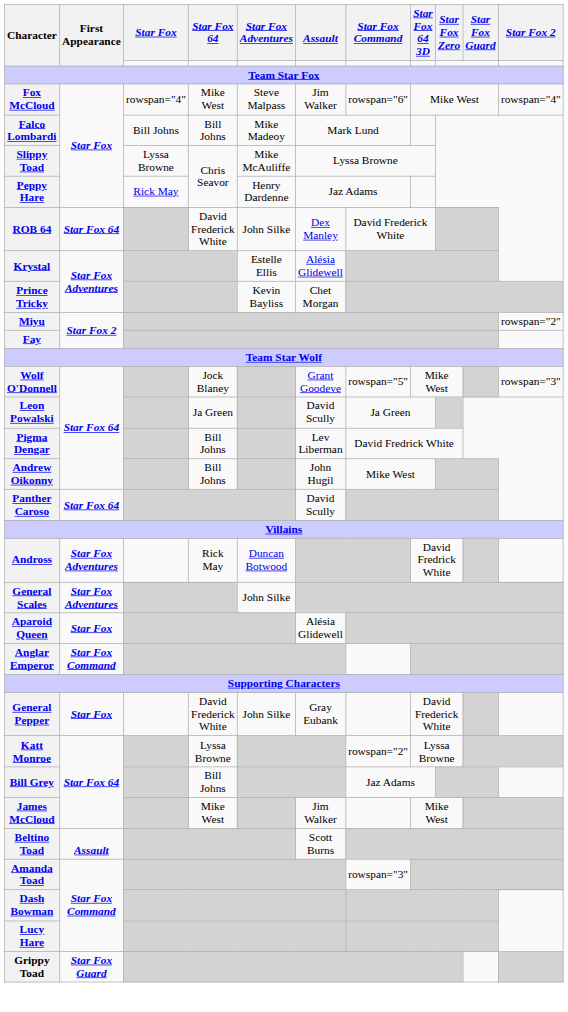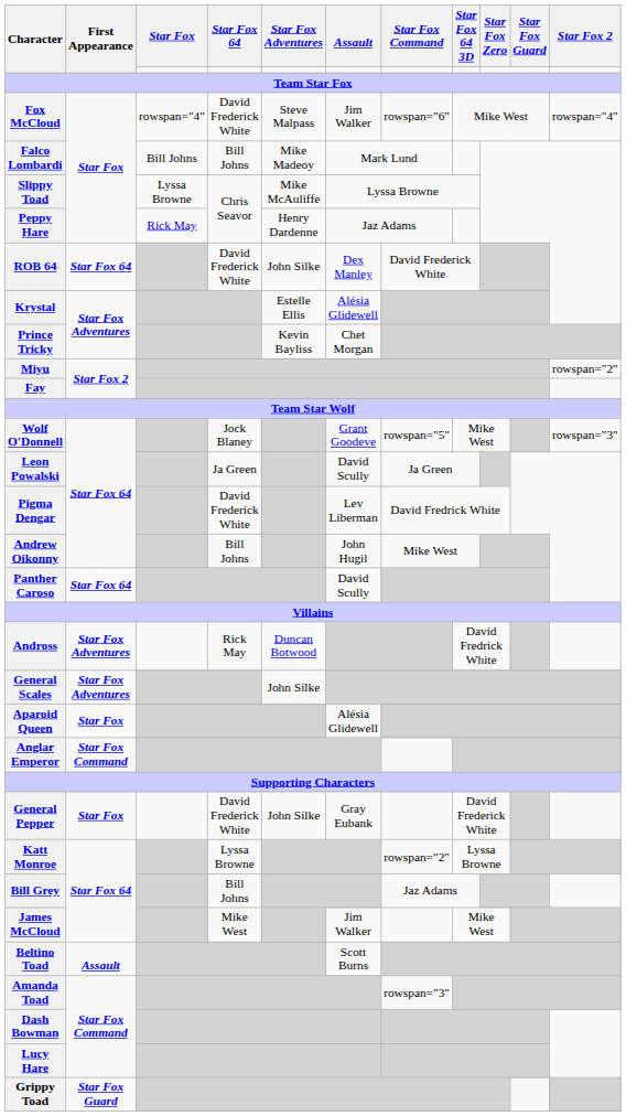 <table class="wikitable" style="text-align:center; width:auto">
 <tr>
 <th scope="col" style="width:11.11%;" rowspan="2">Character</th>
 <th scope="col" style="width:11.11%;" rowspan="2">First<br>Appearance</th>
 <th scope="col" style="width:11%;"><a href='#'><em>Star Fox</em></a></th>
 <th scope="col" style="width:11%;"><em><a href='#'>Star Fox 64</a></em></th>
 <th scope="col" style="width:11%;"><em><a href='#'>Star Fox Adventures</a></em></th>
 <th scope="col" style="width:11%;"><a href='#'><em><br>Assault</em></a></th>
 <th scope="col" style="width:11%;"><em><a href='#'>Star Fox Command</a></em></th>
 <th scope="col" style="width:11%;"><em><a href='#'>Star Fox 64 3D</a></em></th>
 <th scope="col" style="width:11%;"><em><a href='#'>Star Fox Zero</a></em></th>
 <th scope="col" style="width:11%;"><em><a href='#'>Star Fox Guard</a></em></th>
 <th scope="col" style="width:11%;"><em><a href='#'>Star Fox 2</a></em></th>
 </tr>
 <tr>
 <td style="text-align:center;"></td>
 <td style="text-align:center;"></td>
 <td style="text-align:center;"></td>
 <td style="text-align:center;"></td>
 <td style="text-align:center;"></td>
 <td style="text-align:center;"></td>
 <td colspan="2" style="text-align:center;"></td>
 <td style="text-align:center;"></td>
 </tr>
 <tr>
 <th colspan="11" style="background-color:#ccccff;"><a href='#'>Team Star Fox</a></th>
 </tr>
 <tr>
 <th><a href='#'>Fox McCloud</a></th>
 <td rowspan="4"><strong><em><a href='#'>Star Fox</a></em></strong></td>
 <td>rowspan="4"</td>
-<td>Mike West</td>
+<td>David Frederick White</td>
 <td>Steve Malpass</td>
 <td>Jim Walker</td>
 <td>rowspan="6" </td>
 <td colspan="3">Mike West</td>
 <td>rowspan="4"</td>
 </tr>
 <tr>
 <th><a href='#'>Falco Lombardi</a></th>
 <td>Bill Johns</td>
 <td>Bill Johns</td>
 <td>Mike Madeoy</td>
 <td colspan="2">Mark Lund</td>
 <td></td>
 </tr>
 <tr>
 <th><a href='#'>Slippy Toad</a></th>
 <td>Lyssa Browne</td>
 <td rowspan="2">Chris Seavor</td>
 <td>Mike McAuliffe</td>
 <td colspan="3">Lyssa Browne</td>
 </tr>
 <tr>
 <th><a href='#'>Peppy Hare</a></th>
 <td><a href='#'>Rick May</a></td>
 <td>Henry Dardenne</td>
 <td colspan="2">Jaz Adams</td>
 <td></td>
 </tr>
 <tr>
 <th><a href='#'>ROB 64</a></th>
 <td><strong><em><a href='#'>Star Fox 64</a></em></strong></td>
 <td style="background:#d3d3d3;"></td>
 <td>David Frederick White</td>
 <td>John Silke</td>
 <td><a href='#'>Dex Manley</a></td>
 <td colspan="2">David Frederick White</td>
 <td colspan="2" style="background:#d3d3d3;"></td>
 </tr>
 <tr>
 <th><a href='#'>Krystal</a></th>
 <td rowspan="2"><strong><em><a href='#'>Star Fox Adventures</a></em></strong></td>
 <td colspan="2" style="background:#d3d3d3;"></td>
 <td>Estelle Ellis</td>
 <td><a href='#'>Alésia Glidewell</a></td>
 <td colspan="4" style="background:#d3d3d3;"></td>
 </tr>
 <tr>
 <th><a href='#'>Prince Tricky</a></th>
 <td colspan="2" style="background:#d3d3d3;"></td>
 <td>Kevin Bayliss</td>
 <td>Chet Morgan</td>
 <td colspan="5" style="background:#d3d3d3;"></td>
 </tr>
 <tr>
 <th><a href='#'>Miyu</a></th>
 <td rowspan="2"><strong><em><a href='#'>Star Fox 2</a></em></strong></td>
 <td colspan="8" style="background:#d3d3d3;"></td>
 <td>rowspan="2" </td>
 </tr>
 <tr>
 <th><a href='#'>Fay</a></th>
 <td colspan="8" style="background:#d3d3d3;"></td>
 </tr>
 <tr>
 <th colspan="11" style="background-color:#ccccff;"><a href='#'>Team Star Wolf</a></th>
 </tr>
 <tr>
 <th><a href='#'>Wolf O'Donnell</a></th>
 <td rowspan="4"><strong><em><a href='#'>Star Fox 64</a></em></strong></td>
 <td style="background:#d3d3d3;"></td>
 <td>Jock Blaney</td>
 <td style="background:#d3d3d3;"></td>
 <td><a href='#'>Grant Goodeve</a></td>
 <td>rowspan="5" </td>
 <td colspan="2">Mike West</td>
 <td style="background:#d3d3d3;"></td>
 <td>rowspan="3" </td>
 </tr>
 <tr>
 <th><a href='#'>Leon Powalski</a></th>
 <td style="background:#d3d3d3;"></td>
 <td>Ja Green</td>
 <td style="background:#d3d3d3;"></td>
 <td>David Scully</td>
 <td colspan="2">Ja Green</td>
 <td style="background:#d3d3d3;"></td>
 </tr>
 <tr>
 <th><a href='#'>Pigma Dengar</a></th>
 <td style="background:#d3d3d3;"></td>
-<td>Bill Johns</td>
+<td>David Frederick White</td>
 <td style="background:#d3d3d3;"></td>
 <td>Lev Liberman</td>
 <td colspan="3">David Fredrick White</td>
 </tr>
 <tr>
 <th><a href='#'>Andrew Oikonny</a></th>
 <td style="background:#d3d3d3;"></td>
 <td>Bill Johns</td>
 <td style="background:#d3d3d3;"></td>
 <td>John Hugil</td>
 <td colspan="2">Mike West</td>
 <td colspan="2" style="background:#d3d3d3;"></td>
 </tr>
 <tr>
 <th><a href='#'>Panther Caroso</a></th>
 <td><strong><em><a href='#'>Star Fox 64</a></em></strong></td>
 <td colspan="3" style="background:#d3d3d3;"></td>
 <td>David Scully</td>
 <td colspan="4" style="background:#d3d3d3;"></td>
 </tr>
 <tr>
 <th colspan="11" style="background-color:#ccccff;"><a href='#'>Villains</a></th>
 </tr>
 <tr>
 <th><a href='#'>Andross</a></th>
 <td><strong><em><a href='#'>Star Fox Adventures</a></em></strong></td>
 <td></td>
 <td>Rick May</td>
 <td><a href='#'>Duncan Botwood</a></td>
 <td colspan="2" style="background:#d3d3d3;"></td>
 <td colspan="2">David Fredrick White</td>
 <td style="background:#d3d3d3;"></td>
 <td></td>
 </tr>
 <tr>
 <th><a href='#'>General Scales</a></th>
 <td><strong><em><a href='#'>Star Fox Adventures</a></em></strong></td>
 <td colspan="2" style="background:#d3d3d3;"></td>
 <td>John Silke</td>
 <td colspan="6" style="background:#d3d3d3;"></td>
 </tr>
 <tr>
 <th><a href='#'>Aparoid Queen</a></th>
 <td><strong><em><a href='#'>Star Fox</a></em></strong></td>
 <td colspan="3" style="background:#d3d3d3;"></td>
 <td>Alésia Glidewell</td>
 <td colspan="5" style="background:#d3d3d3;"></td>
 </tr>
 <tr>
 <th><a href='#'>Anglar Emperor</a></th>
 <td><strong><em><a href='#'>Star Fox Command</a></em></strong></td>
 <td colspan="4" style="background:#d3d3d3;"></td>
 <td></td>
 <td colspan="4" style="background:#d3d3d3;"></td>
 </tr>
 <tr>
 <th colspan="11" style="background-color:#ccccff;"><a href='#'>Supporting Characters</a></th>
 </tr>
 <tr>
 <th><a href='#'>General Pepper</a></th>
 <td><strong><em><a href='#'>Star Fox</a></em></strong></td>
 <td></td>
 <td>David Frederick White</td>
 <td>John Silke</td>
 <td>Gray Eubank</td>
 <td></td>
 <td colspan="2">David Frederick White</td>
 <td style="background:#d3d3d3;"></td>
 <td></td>
 </tr>
 <tr>
 <th><a href='#'>Katt Monroe</a></th>
 <td rowspan="3"><strong><em><a href='#'>Star Fox 64</a></em></strong></td>
 <td style="background:#d3d3d3;"></td>
 <td>Lyssa Browne</td>
 <td colspan="2" style="background:#d3d3d3;"></td>
 <td>rowspan="2" </td>
 <td colspan="2">Lyssa Browne</td>
 <td colspan="2" style="background:#d3d3d3;"></td>
 </tr>
 <tr>
 <th><a href='#'>Bill Grey</a></th>
 <td style="background:#d3d3d3;"></td>
 <td>Bill Johns</td>
 <td colspan="2" style="background:#d3d3d3;"></td>
 <td colspan="2">Jaz Adams</td>
 <td colspan="2" style="background:#d3d3d3;"></td>
 </tr>
 <tr>
 <th><a href='#'>James McCloud</a></th>
 <td style="background:#d3d3d3;"></td>
 <td>Mike West</td>
 <td style="background:#d3d3d3;"></td>
 <td>Jim Walker</td>
 <td></td>
 <td colspan="2">Mike West</td>
 <td colspan="2" style="background:#d3d3d3;"></td>
 </tr>
 <tr>
 <th><a href='#'>Beltino Toad</a></th>
 <td><strong><em><a href='#'><br>Assault</a></em></strong></td>
 <td colspan="3" style="background:#d3d3d3;"></td>
 <td>Scott Burns</td>
 <td colspan="5" style="background:#d3d3d3;"></td>
 </tr>
 <tr>
 <th><a href='#'>Amanda Toad</a></th>
 <td rowspan="3"><strong><em><a href='#'>Star Fox Command</a></em></strong></td>
 <td colspan="4" style="background:#d3d3d3;"></td>
 <td>rowspan="3" </td>
 <td colspan="4" style="background:#d3d3d3;"></td>
 </tr>
 <tr>
 <th><a href='#'>Dash Bowman</a></th>
 <td colspan="4" style="background:#d3d3d3;"></td>
 <td colspan="4" style="background:#d3d3d3;"></td>
 </tr>
 <tr>
 <th><a href='#'>Lucy Hare</a></th>
 <td colspan="4" style="background:#d3d3d3;"></td>
 <td colspan="4" style="background:#d3d3d3;"></td>
 </tr>
 <tr>
 <th>Grippy Toad</th>
 <td><strong><em><a href='#'>Star Fox Guard</a></em></strong></td>
 <td colspan="7" style="background:#d3d3d3;"></td>
 <td></td>
 <td style="background:#d3d3d3;"></td>
 </tr>
 </table>
